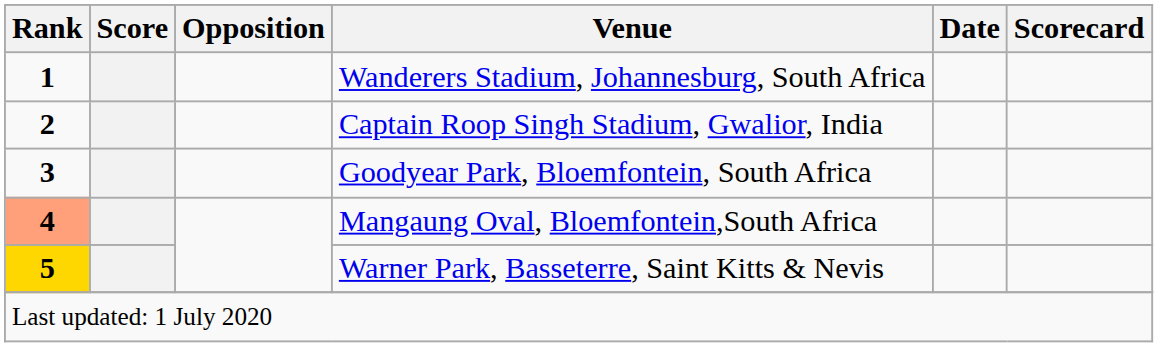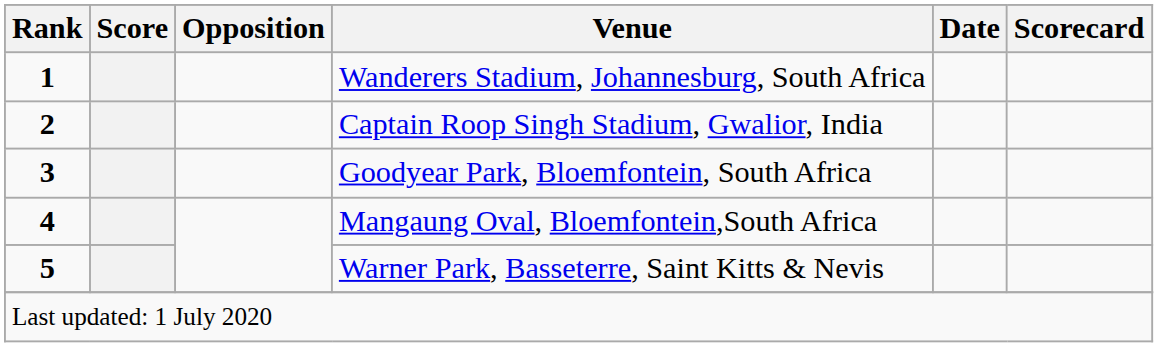 <table class="wikitable plainrowheaders sortable">
 <tr>
 <th scope=col>Rank</th>
 <th scope=col>Score</th>
 <th scope=col>Opposition</th>
 <th scope=col>Venue</th>
 <th scope=col>Date</th>
 <th scope=col>Scorecard</th>
 </tr>
 <tr>
 <td align=center><strong>1</strong></td>
 <th scope=row style=text-align:center;></th>
 <td></td>
 <td><a href='#'>Wanderers Stadium</a>, <a href='#'>Johannesburg</a>, South Africa</td>
 <td></td>
 <td></td>
 </tr>
 <tr>
 <td align=center><strong>2</strong></td>
 <th scope=row style=text-align:center;></th>
 <td></td>
 <td><a href='#'>Captain Roop Singh Stadium</a>, <a href='#'>Gwalior</a>, India</td>
 <td></td>
 <td></td>
 </tr>
 <tr>
 <td align=center><strong>3</strong></td>
 <th scope=row style=text-align:center;></th>
 <td></td>
 <td><a href='#'>Goodyear Park</a>, <a href='#'>Bloemfontein</a>, South Africa</td>
 <td></td>
 <td></td>
 </tr>
 <tr>
-<td align=center style="background: lightsalmon;"><strong>4</strong></td>
+<td align=center><strong>4</strong></td>
 <th scope=row style=text-align:center;></th>
 <td rowspan=2></td>
 <td><a href='#'>Mangaung Oval</a>, <a href='#'>Bloemfontein</a>,South Africa</td>
 <td></td>
 <td></td>
 </tr>
 <tr>
-<td align=center style="background: gold;"><strong>5</strong></td>
+<td align=center><strong>5</strong></td>
 <th scope=row style=text-align:center;></th>
 <td><a href='#'>Warner Park</a>, <a href='#'>Basseterre</a>, Saint Kitts & Nevis</td>
 <td> </td>
 <td></td>
 </tr>
 <tr>
 </tr>
 <tr class=sortbottom>
 <td colspan=6><small>Last updated: 1 July 2020</small></td>
 </tr>
 </table>
